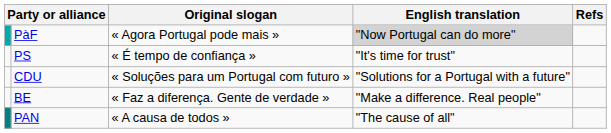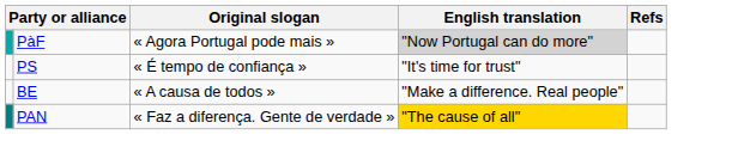 <table class="wikitable" style="font-size:97%; text-align:left;">
 <tr>
 <th style="text-align:left;" colspan="2">Party or alliance</th>
 <th>Original slogan</th>
 <th>English translation</th>
 <th>Refs</th>
 </tr>
 <tr>
 <td bgcolor="#00aaaa"></td>
 <td><a href='#'>PàF</a></td>
 <td>« Agora Portugal pode mais »</td>
 <td style="background: lightgrey;">"Now Portugal can do more"</td>
 <td></td>
 </tr>
 <tr>
 <td width="1"></td>
 <td><a href='#'>PS</a></td>
 <td>« É tempo de confiança »</td>
 <td>"It's time for trust"</td>
 <td></td>
 </tr>
 <tr>
 <td></td>
-<td><a href='#'>CDU</a></td>
-<td>« Soluções para um Portugal com futuro »</td>
-<td>"Solutions for a Portugal with a future"</td>
-<td></td>
-</tr>
-<tr>
-<td></td>
 <td><a href='#'>BE</a></td>
-<td>« Faz a diferença. Gente de verdade »</td>
+<td>« A causa de todos »</td>
 <td>"Make a difference. Real people"</td>
 <td></td>
 </tr>
 <tr>
 <td style="background:teal;"></td>
 <td><a href='#'>PAN</a></td>
-<td>« A causa de todos »</td>
-<td>"The cause of all"</td>
+<td>« Faz a diferença. Gente de verdade »</td>
+<td style="background: gold;">"The cause of all"</td>
 <td></td>
 </tr>
 </table>
